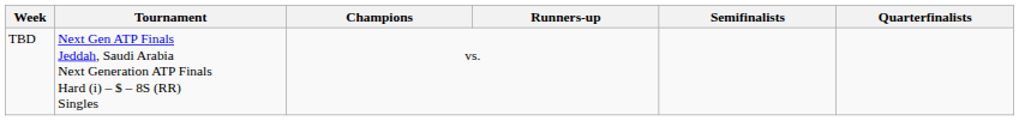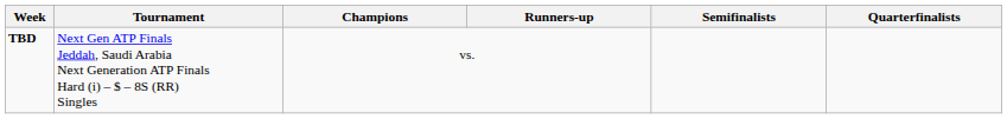 <table class=wikitable style=font-size:95%>
 <tr>
 <th style="width:48px;">Week</th>
 <th style="width:250px;">Tournament</th>
 <th style="width:200px;">Champions</th>
 <th style="width:200px;">Runners-up</th>
 <th style="width:190px;">Semifinalists</th>
 <th style="width:190px;">Quarterfinalists</th>
 </tr>
 <tr style="vertical-align:top">
-<td>TBD</td>
+<td><strong>TBD</strong></td>
 <td><a href='#'>Next Gen ATP Finals</a><br><a href='#'>Jeddah</a>, Saudi Arabia<br>Next Generation ATP Finals<br>Hard (i) – $ – 8S (RR)<br>Singles</td>
 <td colspan="2" align=center> <br> vs. <br> </td>
 <td><br></td>
 <td><br><br><br></td>
 </tr>
 </table>
